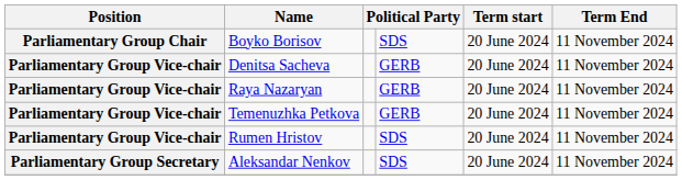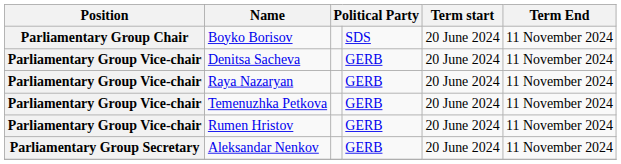 <table class="wikitable plainrowheaders">
 <tr>
 <th>Position</th>
 <th>Name</th>
 <th colspan="2">Political Party</th>
 <th>Term start</th>
 <th>Term End</th>
 </tr>
 <tr>
 <th>Parliamentary Group Chair</th>
 <td><a href='#'>Boyko Borisov</a></td>
 <td style="background:"></td>
 <td><a href='#'>SDS</a></td>
 <td>20 June 2024</td>
 <td>11 November 2024</td>
 </tr>
 <tr>
 <th>Parliamentary Group Vice-chair</th>
 <td><a href='#'>Denitsa Sacheva</a></td>
 <td style="background:"></td>
 <td><a href='#'>GERB</a></td>
 <td>20 June 2024</td>
 <td>11 November 2024</td>
 </tr>
 <tr>
 <th>Parliamentary Group Vice-chair</th>
 <td><a href='#'>Raya Nazaryan</a></td>
 <td style="background:"></td>
 <td><a href='#'>GERB</a></td>
 <td>20 June 2024</td>
 <td>11 November 2024</td>
 </tr>
 <tr>
 <th>Parliamentary Group Vice-chair</th>
 <td><a href='#'>Temenuzhka Petkova</a></td>
 <td style="background:"></td>
 <td><a href='#'>GERB</a></td>
 <td>20 June 2024</td>
 <td>11 November 2024</td>
 </tr>
 <tr>
 <th>Parliamentary Group Vice-chair</th>
 <td><a href='#'>Rumen Hristov</a></td>
 <td style="background:"></td>
-<td><a href='#'>SDS</a></td>
+<td><a href='#'>GERB</a></td>
 <td>20 June 2024</td>
 <td>11 November 2024</td>
 </tr>
 <tr>
 <th>Parliamentary Group Secretary</th>
 <td><a href='#'>Aleksandar Nenkov</a></td>
 <td style="background:"></td>
-<td><a href='#'>SDS</a></td>
+<td><a href='#'>GERB</a></td>
 <td>20 June 2024</td>
 <td>11 November 2024</td>
 </tr>
 <tr>
 </tr>
 </table>
